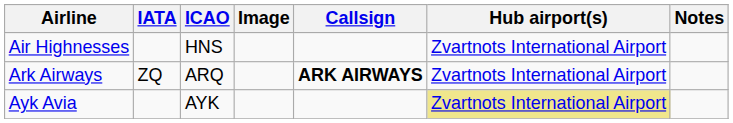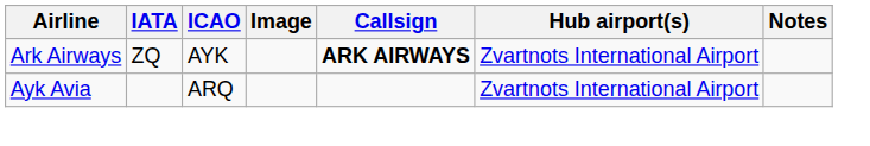 <table class="wikitable sortable" style="border: 0; cellpadding: 2; cellspacing: 3;">
 <tr valign="middle">
 <th>Airline</th>
 <th><a href='#'>IATA</a></th>
 <th><a href='#'>ICAO</a></th>
 <th>Image</th>
 <th><a href='#'>Callsign</a></th>
 <th>Hub airport(s)</th>
 <th class="unsortable">Notes</th>
 </tr>
 <tr>
-<td><a href='#'>Air Highnesses</a></td>
-<td></td>
-<td>HNS</td>
-<td></td>
-<td></td>
-<td><a href='#'>Zvartnots International Airport</a></td>
-<td></td>
-</tr>
-<tr>
 <td><a href='#'>Ark Airways</a></td>
 <td>ZQ</td>
-<td>ARQ</td>
+<td>AYK</td>
 <td></td>
 <td><strong>ARK AIRWAYS</strong></td>
 <td><a href='#'>Zvartnots International Airport</a></td>
 <td></td>
 </tr>
 <tr>
 <td><a href='#'>Ayk Avia</a></td>
 <td></td>
-<td>AYK</td>
+<td>ARQ</td>
 <td></td>
 <td></td>
-<td style="background: khaki;"><a href='#'>Zvartnots International Airport</a></td>
+<td><a href='#'>Zvartnots International Airport</a></td>
 <td></td>
 </tr>
 <tr>
 </tr>
 </table>
